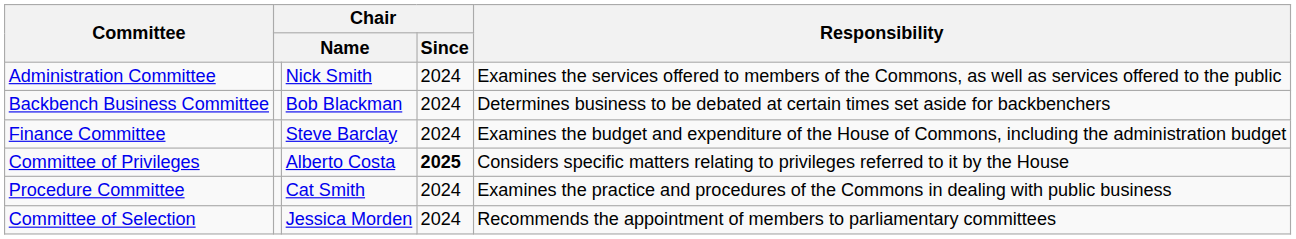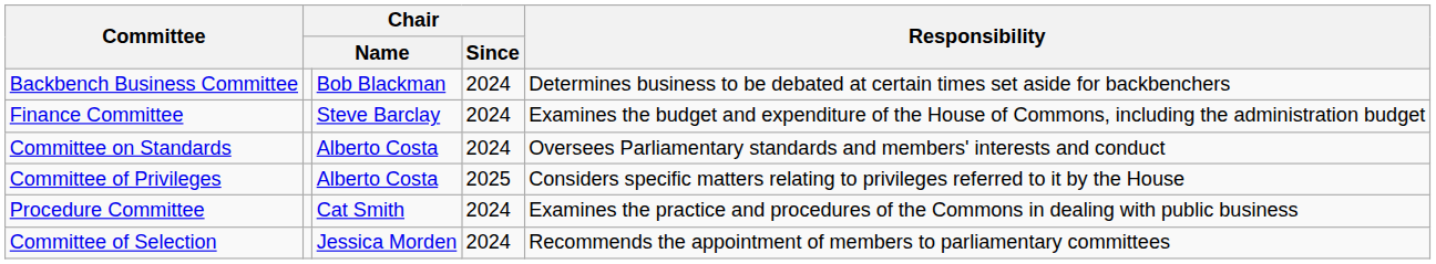 <table class="wikitable">
 <tr>
 <th rowspan="2">Committee</th>
 <th colspan="3">Chair</th>
 <th rowspan="2">Responsibility</th>
 </tr>
 <tr>
 <th colspan="2">Name</th>
 <th>Since</th>
-</tr>
-<tr>
-<td><a href='#'>Administration Committee</a></td>
-<td style="background-color: "></td>
-<td><a href='#'>Nick Smith</a></td>
-<td>2024</td>
-<td>Examines the services offered to members of the Commons, as well as services offered to the public</td>
 </tr>
 <tr>
 <td><a href='#'>Backbench Business Committee</a></td>
 <td style="background-color: "></td>
 <td><a href='#'>Bob Blackman</a></td>
 <td>2024</td>
 <td>Determines business to be debated at certain times set aside for backbenchers</td>
 </tr>
 <tr>
 <td><a href='#'>Finance Committee</a></td>
 <td style="background-color: "></td>
 <td><a href='#'>Steve Barclay</a></td>
 <td>2024</td>
 <td>Examines the budget and expenditure of the House of Commons, including the administration budget</td>
 </tr>
 <tr>
+<td><a href='#'>Committee on Standards</a></td>
+<td style="background-color: "></td>
+<td><a href='#'>Alberto Costa</a></td>
+<td>2024</td>
+<td>Oversees Parliamentary standards and members' interests and conduct</td>
+</tr>
+<tr>
 <td><a href='#'>Committee of Privileges</a></td>
 <td style="background-color: "></td>
 <td><a href='#'>Alberto Costa</a></td>
-<td><strong>2025</strong></td>
+<td>2025</td>
 <td>Considers specific matters relating to privileges referred to it by the House</td>
 </tr>
 <tr>
 <td><a href='#'>Procedure Committee</a></td>
 <td style="background-color: "></td>
 <td><a href='#'>Cat Smith</a></td>
 <td>2024</td>
 <td>Examines the practice and procedures of the Commons in dealing with public business</td>
 </tr>
 <tr>
 <td><a href='#'>Committee of Selection</a></td>
 <td style="color:inherit;background:"></td>
 <td><a href='#'>Jessica Morden</a></td>
 <td>2024</td>
 <td>Recommends the appointment of members to parliamentary committees</td>
 </tr>
 </table>
